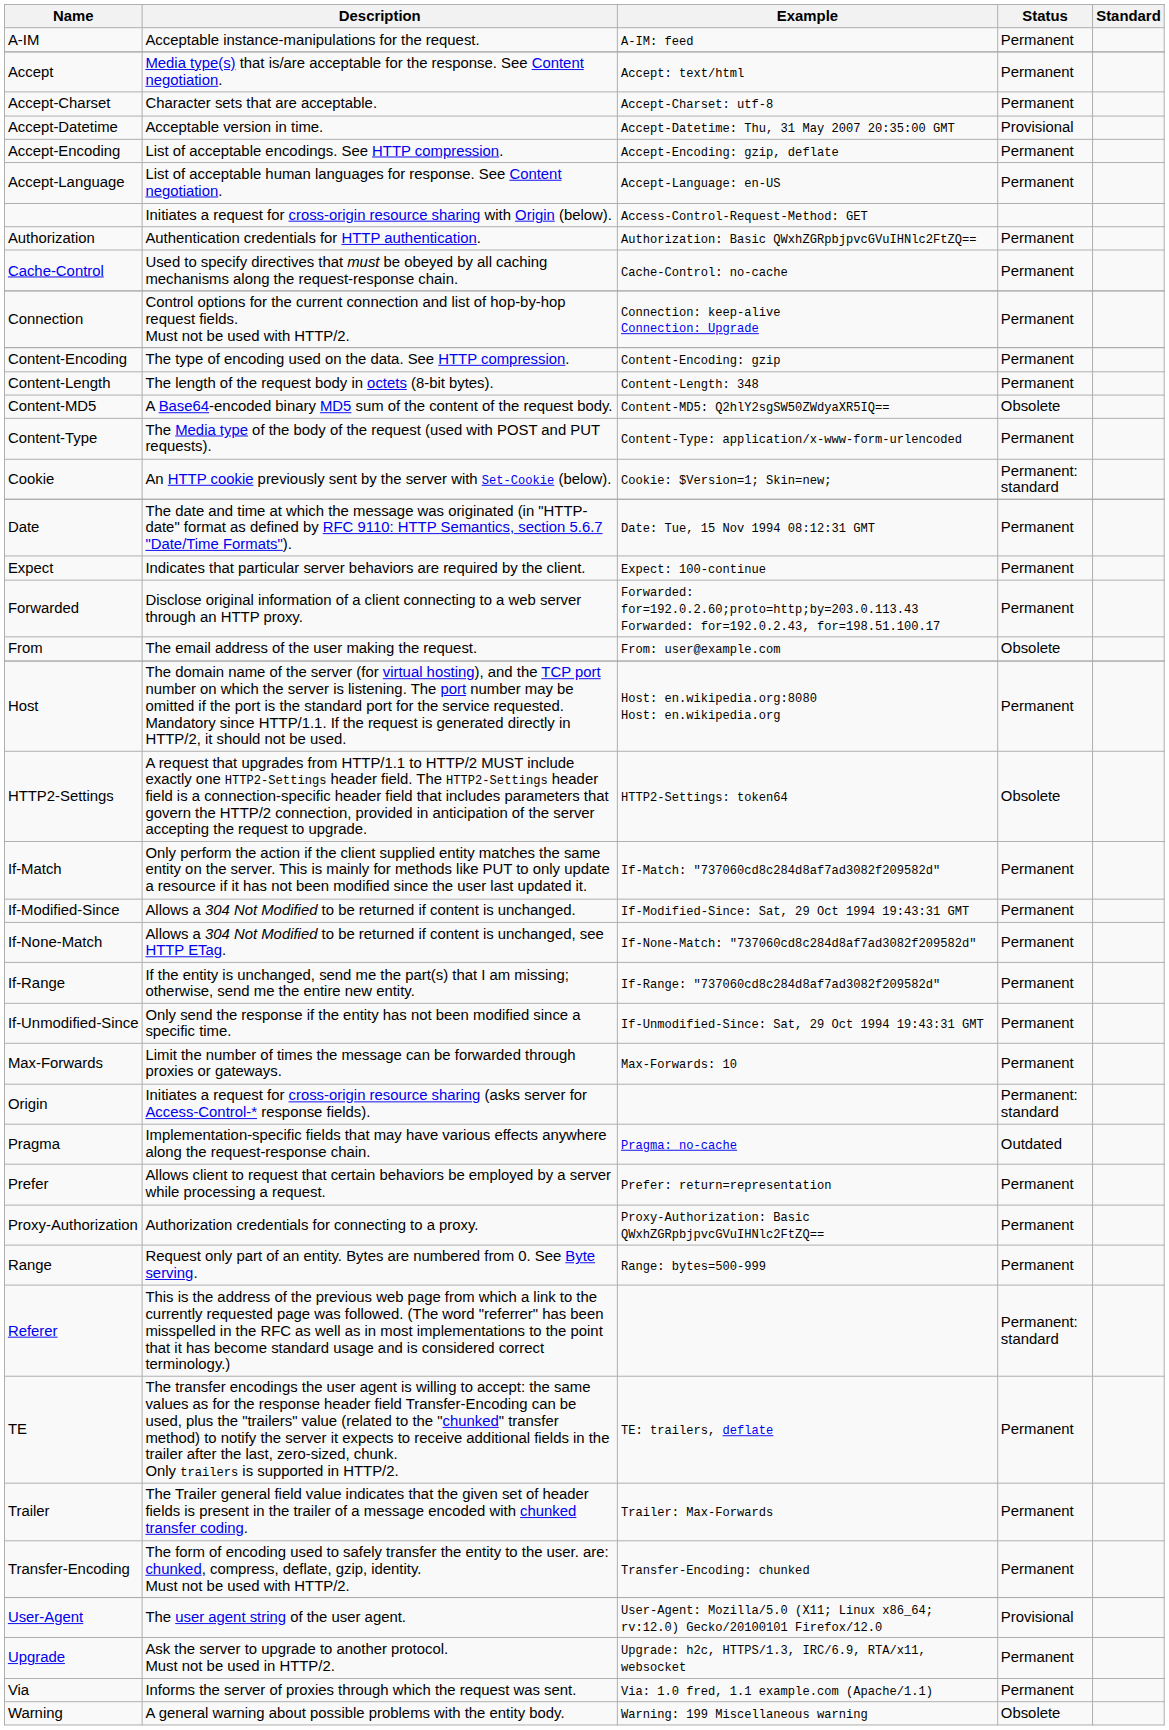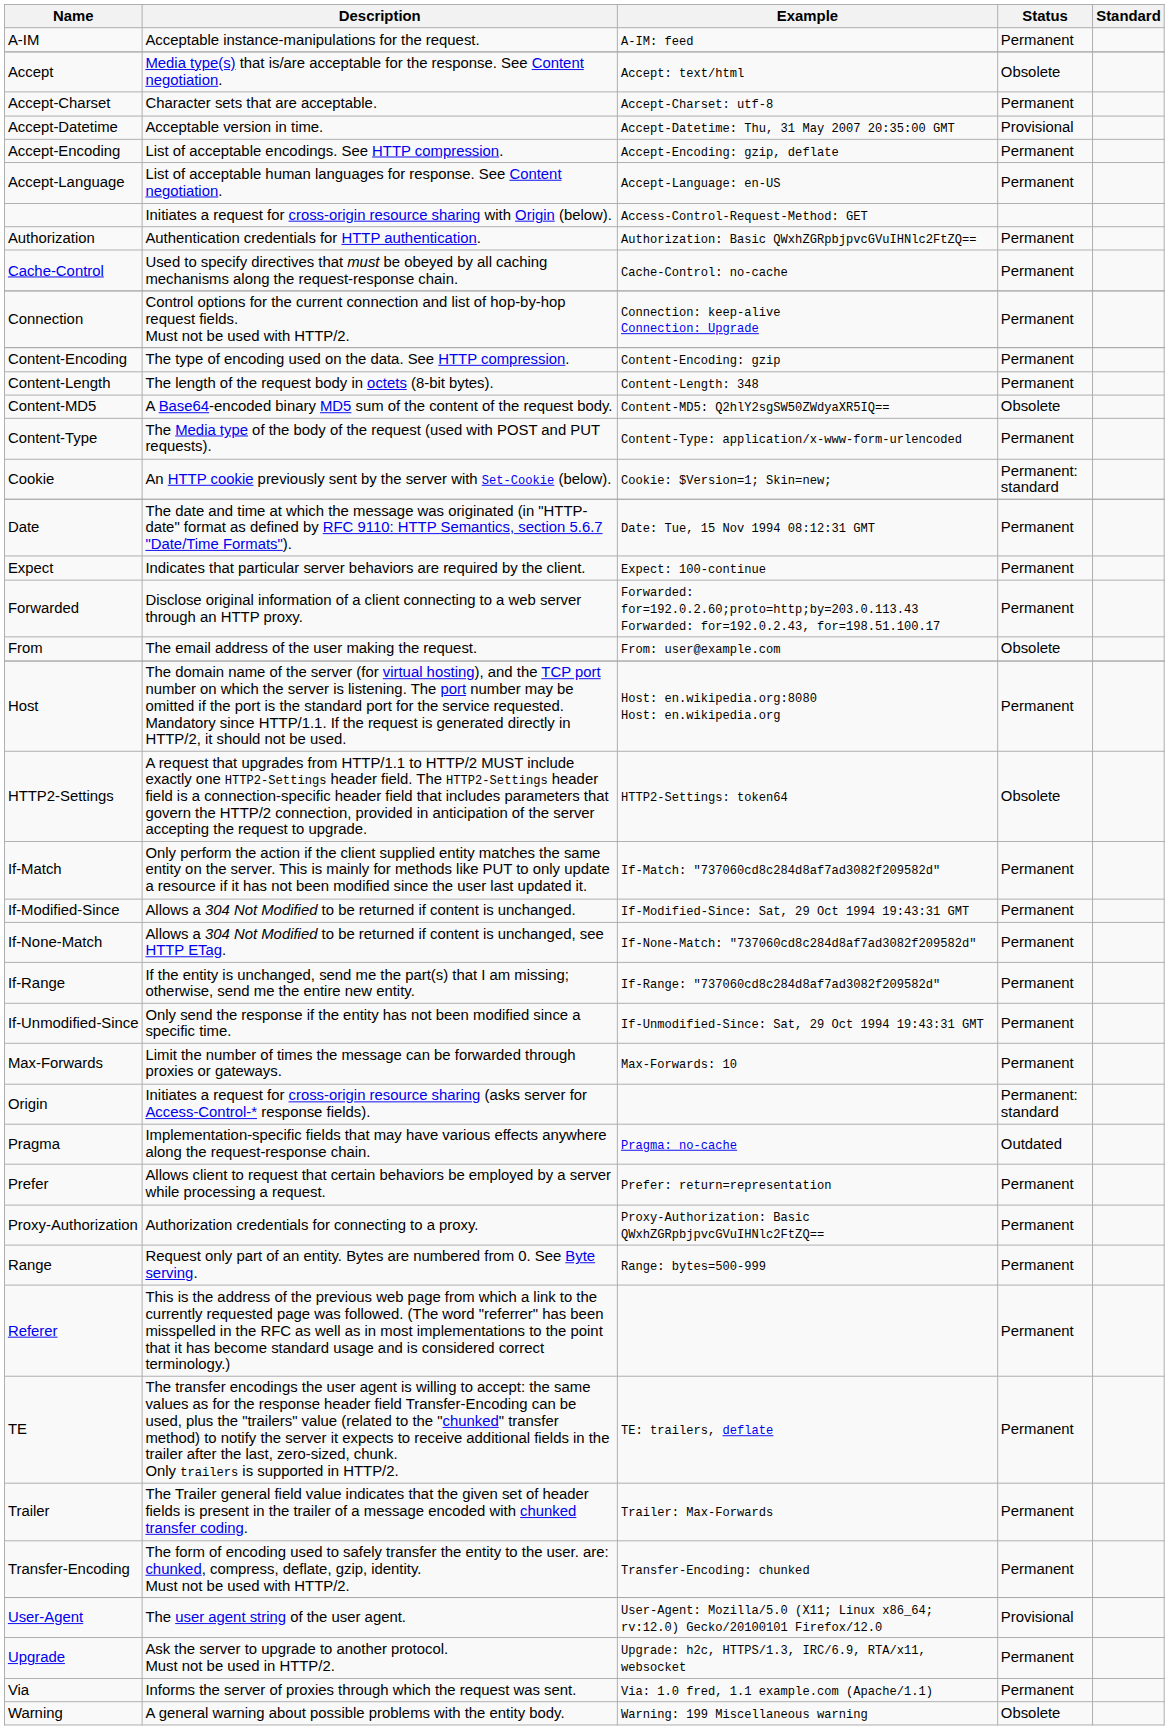 <table class="wikitable sortable">
 <tr>
 <th>Name</th>
 <th class="unsortable">Description</th>
 <th class="unsortable">Example</th>
 <th>Status</th>
 <th>Standard</th>
 </tr>
 <tr>
 <td>A-IM</td>
 <td>Acceptable instance-manipulations for the request.</td>
 <td><code>A-IM: feed</code></td>
 <td>Permanent</td>
 <td></td>
 </tr>
 <tr>
 </tr>
 <tr id="accept-request-header">
 <td>Accept</td>
 <td><a href='#'>Media type(s)</a> that is/are acceptable for the response. See <a href='#'>Content negotiation</a>.</td>
 <td><code>Accept: text/html</code></td>
-<td>Permanent</td>
+<td>Obsolete</td>
 <td></td>
 </tr>
 <tr>
 <td>Accept-Charset</td>
 <td>Character sets that are acceptable.</td>
 <td><code>Accept-Charset: utf-8</code></td>
 <td>Permanent</td>
 <td></td>
 </tr>
 <tr id="Accept-Datetime">
 <td>Accept-Datetime</td>
 <td>Acceptable version in time.</td>
 <td><code>Accept-Datetime: Thu, 31 May 2007 20:35:00 GMT</code></td>
 <td>Provisional</td>
 <td></td>
 </tr>
 <tr id="Accept-Encoding">
 <td>Accept-Encoding</td>
 <td>List of acceptable encodings. See <a href='#'>HTTP compression</a>.</td>
 <td><code>Accept-Encoding: gzip, deflate</code></td>
 <td>Permanent</td>
 <td></td>
 </tr>
 <tr id="Accept-Language">
 <td>Accept-Language</td>
 <td>List of acceptable human languages for response. See <a href='#'>Content negotiation</a>.</td>
 <td><code>Accept-Language: en-US</code></td>
 <td>Permanent</td>
 <td></td>
 </tr>
 <tr id="access-control-request-header">
 <td></td>
 <td>Initiates a request for <a href='#'>cross-origin resource sharing</a> with <a href='#'>Origin</a> (below).</td>
 <td><code>Access-Control-Request-Method: GET</code></td>
 <td></td>
 <td></td>
 </tr>
 <tr>
 <td>Authorization</td>
 <td>Authentication credentials for <a href='#'>HTTP authentication</a>.</td>
 <td><code>Authorization: Basic QWxhZGRpbjpvcGVuIHNlc2FtZQ==</code></td>
 <td>Permanent</td>
 <td></td>
 </tr>
 <tr>
 <td><a href='#'>Cache-Control</a></td>
 <td>Used to specify directives that <em>must</em> be obeyed by all caching mechanisms along the request-response chain.</td>
 <td><code>Cache-Control: no-cache</code></td>
 <td>Permanent</td>
 <td></td>
 </tr>
 <tr>
 </tr>
 <tr id="connection-request-header">
 <td>Connection</td>
 <td>Control options for the current connection and list of hop-by-hop request fields.<br>Must not be used with HTTP/2.</td>
 <td><code>Connection: keep-alive</code><br><code><a href='#'>Connection: Upgrade</a></code></td>
 <td>Permanent</td>
 <td></td>
 </tr>
 <tr>
 </tr>
 <tr id="content-encoding-request-header">
 <td>Content-Encoding</td>
 <td>The type of encoding used on the data. See <a href='#'>HTTP compression</a>.</td>
 <td><code>Content-Encoding: gzip</code></td>
 <td>Permanent</td>
 <td></td>
 </tr>
 <tr id="content-length-request-header">
 <td>Content-Length</td>
 <td>The length of the request body in <a href='#'>octets</a> (8-bit bytes).</td>
 <td><code>Content-Length: 348</code></td>
 <td>Permanent</td>
 <td></td>
 </tr>
 <tr>
 <td>Content-MD5</td>
 <td>A <a href='#'>Base64</a>-encoded binary <a href='#'>MD5</a> sum of the content of the request body.</td>
 <td><code>Content-MD5: Q2hlY2sgSW50ZWdyaXR5IQ==</code></td>
 <td>Obsolete</td>
 <td></td>
 </tr>
 <tr id="content-type-request-header">
 <td>Content-Type</td>
 <td>The <a href='#'>Media type</a> of the body of the request (used with POST and PUT requests).</td>
 <td><code>Content-Type: application/x-www-form-urlencoded</code></td>
 <td>Permanent</td>
 <td></td>
 </tr>
 <tr>
 <td>Cookie</td>
 <td>An <a href='#'>HTTP cookie</a> previously sent by the server with <code><a href='#'>Set-Cookie</a></code> (below).</td>
 <td><code>Cookie: $Version=1; Skin=new;</code></td>
 <td>Permanent: standard</td>
 <td></td>
 </tr>
 <tr id="Content-Length">
 </tr>
 <tr>
 <td>Date</td>
 <td>The date and time at which the message was originated (in "HTTP-date" format as defined by <a href='#'>RFC 9110: HTTP Semantics, section 5.6.7 "Date/Time Formats"</a>).</td>
 <td><code>Date: Tue, 15 Nov 1994 08:12:31 GMT</code></td>
 <td>Permanent</td>
 <td></td>
 </tr>
 <tr>
 <td>Expect</td>
 <td>Indicates that particular server behaviors are required by the client.</td>
 <td><code>Expect: 100-continue</code></td>
 <td>Permanent</td>
 <td></td>
 </tr>
 <tr>
 <td>Forwarded</td>
 <td>Disclose original information of a client connecting to a web server through an HTTP proxy.</td>
 <td><code>Forwarded: for=192.0.2.60;proto=http;by=203.0.113.43</code> <code>Forwarded: for=192.0.2.43, for=198.51.100.17</code></td>
 <td>Permanent</td>
 <td></td>
 </tr>
 <tr>
 <td>From</td>
 <td>The email address of the user making the request.</td>
 <td><code>From: user@example.com</code></td>
 <td>Obsolete</td>
 <td></td>
 </tr>
 <tr>
 </tr>
 <tr id="host-request-header">
 <td>Host</td>
 <td>The domain name of the server (for <a href='#'>virtual hosting</a>), and the <a href='#'>TCP port</a> number on which the server is listening. The <a href='#'>port</a> number may be omitted if the port is the standard port for the service requested.<br>Mandatory since HTTP/1.1. If the request is generated directly in HTTP/2, it should not be used.</td>
 <td colspan="1"><code>Host: en.wikipedia.org:8080</code><br><code>Host: en.wikipedia.org</code></td>
 <td>Permanent</td>
 <td></td>
 </tr>
 <tr>
 <td>HTTP2-Settings</td>
 <td>A request that upgrades from HTTP/1.1 to HTTP/2 MUST include exactly one <code>HTTP2-Settings</code> header field. The <code>HTTP2-Settings</code> header field is a connection-specific header field that includes parameters that govern the HTTP/2 connection, provided in anticipation of the server accepting the request to upgrade.</td>
 <td><code>HTTP2-Settings: token64</code></td>
 <td>Obsolete</td>
 <td></td>
 </tr>
 <tr>
 <td>If-Match</td>
 <td>Only perform the action if the client supplied entity matches the same entity on the server. This is mainly for methods like PUT to only update a resource if it has not been modified since the user last updated it.</td>
 <td><code>If-Match: "737060cd8c284d8af7ad3082f209582d"</code></td>
 <td>Permanent</td>
 <td></td>
 </tr>
 <tr>
 <td>If-Modified-Since</td>
 <td>Allows a <em>304 Not Modified</em> to be returned if content is unchanged.</td>
 <td><code>If-Modified-Since: Sat, 29 Oct 1994 19:43:31 GMT</code></td>
 <td>Permanent</td>
 <td></td>
 </tr>
 <tr>
 <td>If-None-Match</td>
 <td>Allows a <em>304 Not Modified</em> to be returned if content is unchanged, see <a href='#'>HTTP ETag</a>.</td>
 <td><code>If-None-Match: "737060cd8c284d8af7ad3082f209582d"</code></td>
 <td>Permanent</td>
 <td></td>
 </tr>
 <tr>
 <td>If-Range</td>
 <td>If the entity is unchanged, send me the part(s) that I am missing; otherwise, send me the entire new entity.</td>
 <td><code>If-Range: "737060cd8c284d8af7ad3082f209582d"</code></td>
 <td>Permanent</td>
 <td></td>
 </tr>
 <tr>
 <td style=white-space:nowrap>If-Unmodified-Since</td>
 <td>Only send the response if the entity has not been modified since a specific time.</td>
 <td><code>If-Unmodified-Since: Sat, 29 Oct 1994 19:43:31 GMT</code></td>
 <td>Permanent</td>
 <td></td>
 </tr>
 <tr>
 <td>Max-Forwards</td>
 <td>Limit the number of times the message can be forwarded through proxies or gateways.</td>
 <td><code>Max-Forwards: 10</code></td>
 <td>Permanent</td>
 <td></td>
 </tr>
 <tr id="origin-request-header">
 <td>Origin</td>
 <td>Initiates a request for <a href='#'>cross-origin resource sharing</a> (asks server for <a href='#'>Access-Control-*</a> response fields).</td>
 <td><code></code></td>
 <td>Permanent: standard</td>
 <td></td>
 </tr>
 <tr>
 <td>Pragma</td>
 <td>Implementation-specific fields that may have various effects anywhere along the request-response chain.</td>
 <td><code><a href='#'>Pragma: no-cache</a></code></td>
 <td>Outdated</td>
 <td></td>
 </tr>
 <tr>
 <td>Prefer</td>
 <td>Allows client to request that certain behaviors be employed by a server while processing a request.</td>
 <td><code>Prefer: return=representation</code></td>
 <td>Permanent</td>
 <td></td>
 </tr>
 <tr>
 <td>Proxy-Authorization</td>
 <td>Authorization credentials for connecting to a proxy.</td>
 <td><code>Proxy-Authorization: Basic QWxhZGRpbjpvcGVuIHNlc2FtZQ==</code></td>
 <td>Permanent</td>
 <td></td>
 </tr>
 <tr id="range-request-header">
 <td> Range</td>
 <td>Request only part of an entity.  Bytes are numbered from 0.  See <a href='#'>Byte serving</a>.</td>
 <td><code>Range: bytes=500-999</code></td>
 <td>Permanent</td>
 <td></td>
 </tr>
 <tr>
 <td><a href='#'>Referer</a></td>
 <td>This is the address of the previous web page from which a link to the currently requested page was followed. (The word "referrer" has been misspelled in the RFC as well as in most implementations to the point that it has become standard usage and is considered correct terminology.)</td>
 <td><code></code></td>
-<td>Permanent: standard</td>
+<td>Permanent</td>
 <td></td>
 </tr>
 <tr id="te-request-header">
 <td>TE</td>
 <td>The transfer encodings the user agent is willing to accept: the same values as for the response header field Transfer-Encoding can be used, plus the "trailers" value (related to the "<a href='#'>chunked</a>" transfer method) to notify the server it expects to receive additional fields in the trailer after the last, zero-sized, chunk.<br>Only <code>trailers</code> is supported in HTTP/2.</td>
 <td><code>TE: trailers, <a href='#'>deflate</a></code></td>
 <td>Permanent</td>
 <td></td>
 </tr>
 <tr>
 <td>Trailer</td>
 <td>The Trailer general field value indicates that the given set of header fields is present in the trailer of a message encoded with <a href='#'>chunked transfer coding</a>.</td>
 <td><code>Trailer: Max-Forwards</code></td>
 <td>Permanent</td>
 <td></td>
 </tr>
 <tr>
 <td>Transfer-Encoding</td>
 <td>The form of encoding used to safely transfer the entity to the user.  are: <a href='#'>chunked</a>, compress, deflate, gzip, identity.<br>Must not be used with HTTP/2.</td>
 <td><code>Transfer-Encoding: chunked</code></td>
 <td>Permanent</td>
 <td></td>
 </tr>
 <tr>
 </tr>
 <tr id="user-agent-request-header">
 <td><a href='#'>User-Agent</a></td>
 <td>The <a href='#'>user agent string</a> of the user agent.</td>
 <td><code>User-Agent: Mozilla/5.0 (X11; Linux x86_64; rv:12.0) Gecko/20100101 Firefox/12.0</code></td>
 <td>Provisional</td>
 <td></td>
 </tr>
 <tr>
 <td><a href='#'>Upgrade</a></td>
 <td>Ask the server to upgrade to another protocol.<br>Must not be used in HTTP/2.</td>
 <td><code>Upgrade: h2c, HTTPS/1.3, IRC/6.9, RTA/x11, websocket</code></td>
 <td>Permanent</td>
 <td></td>
 </tr>
 <tr>
 <td>Via</td>
 <td>Informs the server of proxies through which the request was sent.</td>
 <td><code>Via: 1.0 fred, 1.1 example.com (Apache/1.1)</code></td>
 <td>Permanent</td>
 <td></td>
 </tr>
 <tr>
 <td>Warning</td>
 <td>A general warning about possible problems with the entity body.</td>
 <td><code>Warning: 199 Miscellaneous warning</code></td>
 <td>Obsolete</td>
 <td></td>
 </tr>
 </table>
